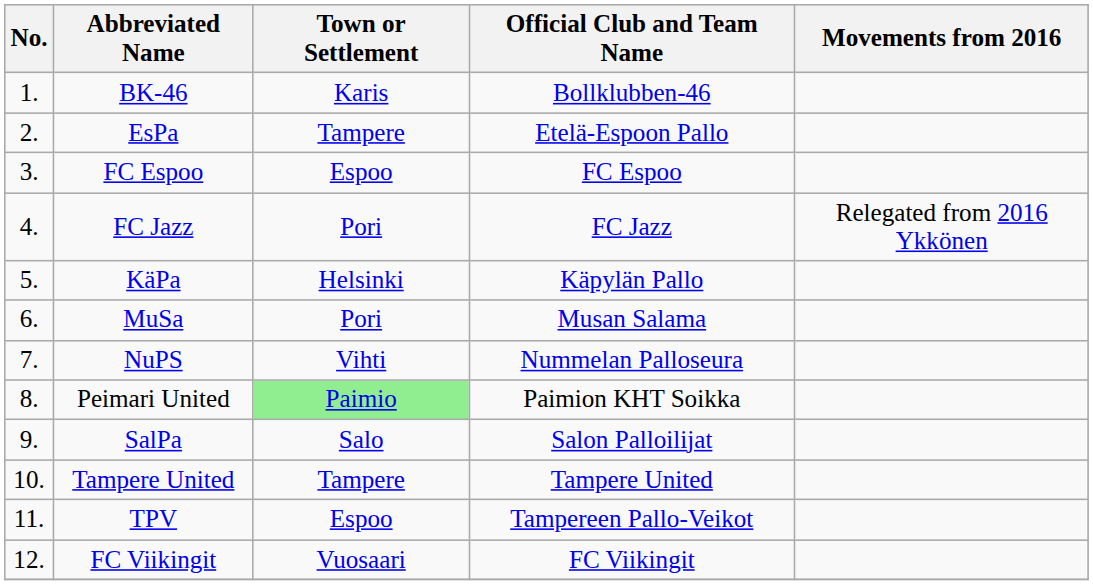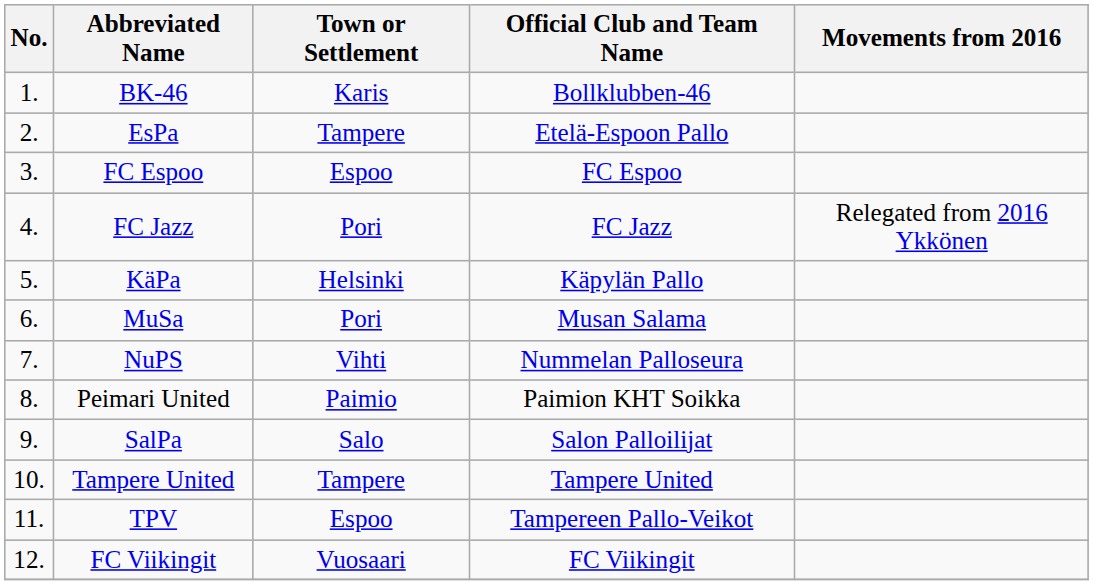 <table class="wikitable sortable" style="text-align: center;">
 <tr>
 <th width=20>No.</th>
 <th width=120>Abbreviated Name</th>
 <th width=130>Town or Settlement</th>
 <th width=200>Official Club and Team Name</th>
 <th width=180>Movements from 2016</th>
 </tr>
 <tr>
 <td>1.</td>
 <td><a href='#'>BK-46</a></td>
 <td><a href='#'>Karis</a></td>
 <td><a href='#'>Bollklubben-46</a></td>
 <td></td>
 </tr>
 <tr>
 <td>2.</td>
 <td><a href='#'>EsPa</a></td>
 <td><a href='#'>Tampere</a></td>
 <td><a href='#'>Etelä-Espoon Pallo</a></td>
 <td></td>
 </tr>
 <tr>
 <td>3.</td>
 <td><a href='#'>FC Espoo</a></td>
 <td><a href='#'>Espoo</a></td>
 <td><a href='#'>FC Espoo</a></td>
 <td></td>
 </tr>
 <tr>
 <td>4.</td>
 <td><a href='#'>FC Jazz</a></td>
 <td><a href='#'>Pori</a></td>
 <td><a href='#'>FC Jazz</a></td>
 <td>Relegated from <a href='#'>2016 Ykkönen</a></td>
 </tr>
 <tr>
 <td>5.</td>
 <td><a href='#'>KäPa</a></td>
 <td><a href='#'>Helsinki</a></td>
 <td><a href='#'>Käpylän Pallo</a></td>
 <td></td>
 </tr>
 <tr>
 <td>6.</td>
 <td><a href='#'>MuSa</a></td>
 <td><a href='#'>Pori</a></td>
 <td><a href='#'>Musan Salama</a></td>
 <td></td>
 </tr>
 <tr>
 <td>7.</td>
 <td><a href='#'>NuPS</a></td>
 <td><a href='#'>Vihti</a></td>
 <td><a href='#'>Nummelan Palloseura</a></td>
 <td></td>
 </tr>
 <tr>
 <td>8.</td>
 <td>Peimari United</td>
-<td style="background: lightgreen;"><a href='#'>Paimio</a></td>
+<td><a href='#'>Paimio</a></td>
 <td>Paimion KHT Soikka</td>
 <td></td>
 </tr>
 <tr>
 <td>9.</td>
 <td><a href='#'>SalPa</a></td>
 <td><a href='#'>Salo</a></td>
 <td><a href='#'>Salon Palloilijat</a></td>
 <td></td>
 </tr>
 <tr>
 <td>10.</td>
 <td><a href='#'>Tampere United</a></td>
 <td><a href='#'>Tampere</a></td>
 <td><a href='#'>Tampere United</a></td>
 <td></td>
 </tr>
 <tr>
 <td>11.</td>
 <td><a href='#'>TPV</a></td>
 <td><a href='#'>Espoo</a></td>
 <td><a href='#'>Tampereen Pallo-Veikot</a></td>
 <td></td>
 </tr>
 <tr>
 <td>12.</td>
 <td><a href='#'>FC Viikingit</a></td>
 <td><a href='#'>Vuosaari</a></td>
 <td><a href='#'>FC Viikingit</a></td>
 <td></td>
 </tr>
 <tr>
 </tr>
 </table>
